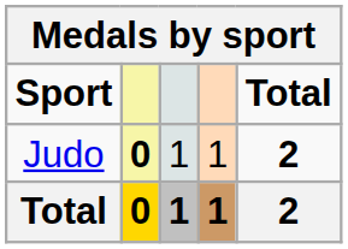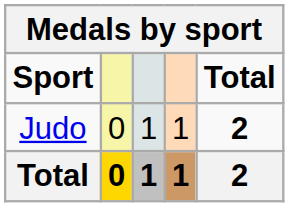 <table class="wikitable" style=font-size:85%>
 <tr style="background:#efefef;">
 <th colspan=5><strong>Medals by sport</strong></th>
 </tr>
 <tr align=center>
 <td><strong>Sport</strong></td>
 <td bgcolor=#f7f6a8></td>
 <td bgcolor=#dce5e5></td>
 <td bgcolor=#ffdab9></td>
 <td><strong>Total</strong></td>
 </tr>
 <tr align=center>
 <td><a href='#'>Judo</a></td>
-<td style="background:#F7F6A8;"><strong>0</strong></td>
+<td style="background:#F7F6A8;">0</td>
 <td style="background:#DCE5E5;">1</td>
 <td style="background:#FFDAB9;">1</td>
 <td><strong>2</strong></td>
 </tr>
 <tr align=center>
 <th><strong>Total</strong></th>
 <th style="background:gold;"><strong>0</strong></th>
 <th style="background:silver;"><strong>1</strong></th>
 <th style="background:#c96;"><strong>1</strong></th>
 <th><strong>2</strong></th>
 </tr>
 </table>
